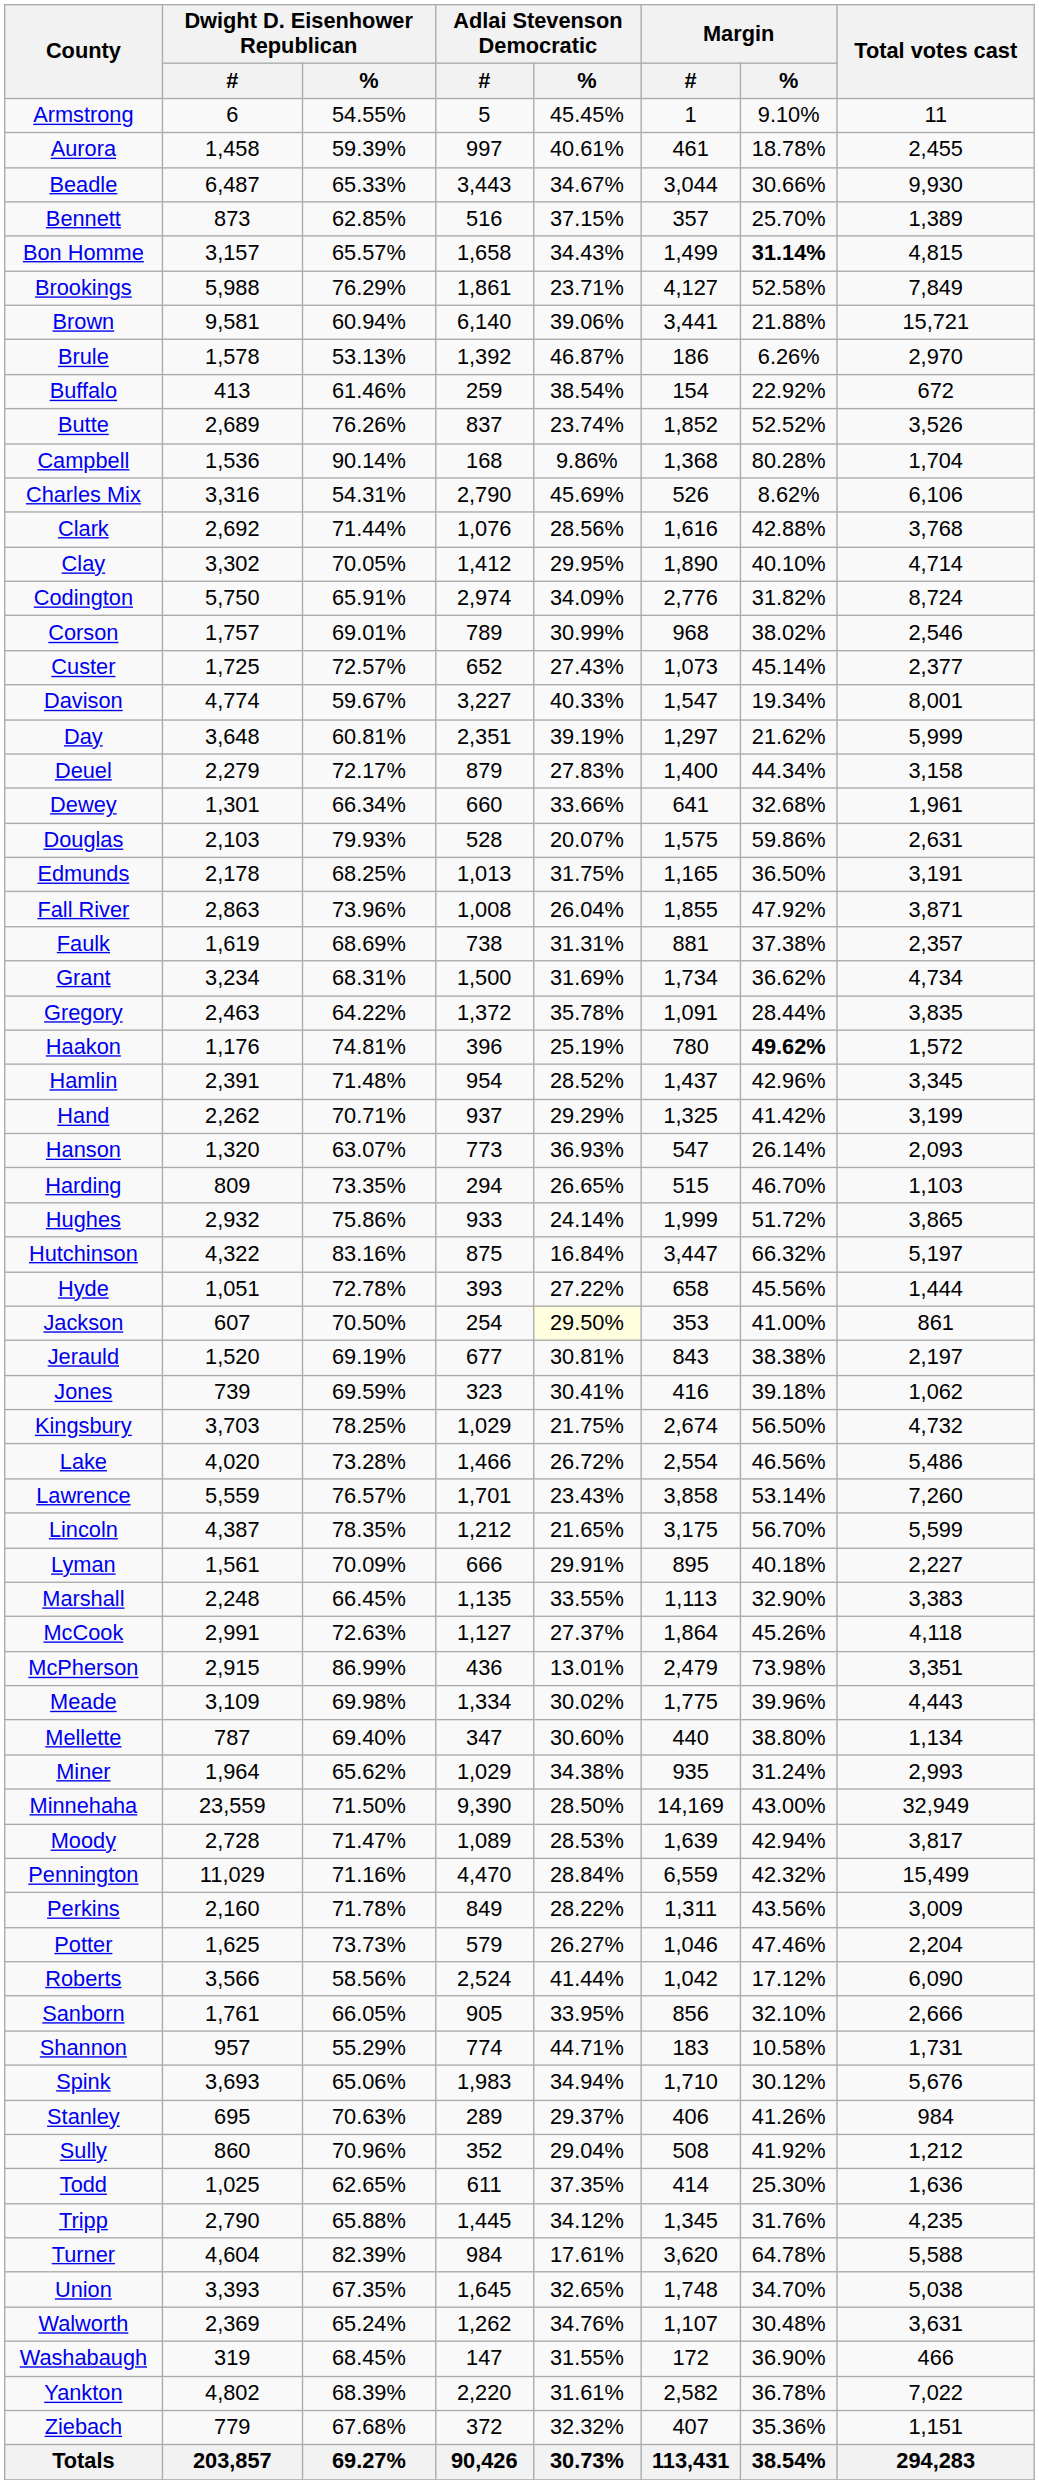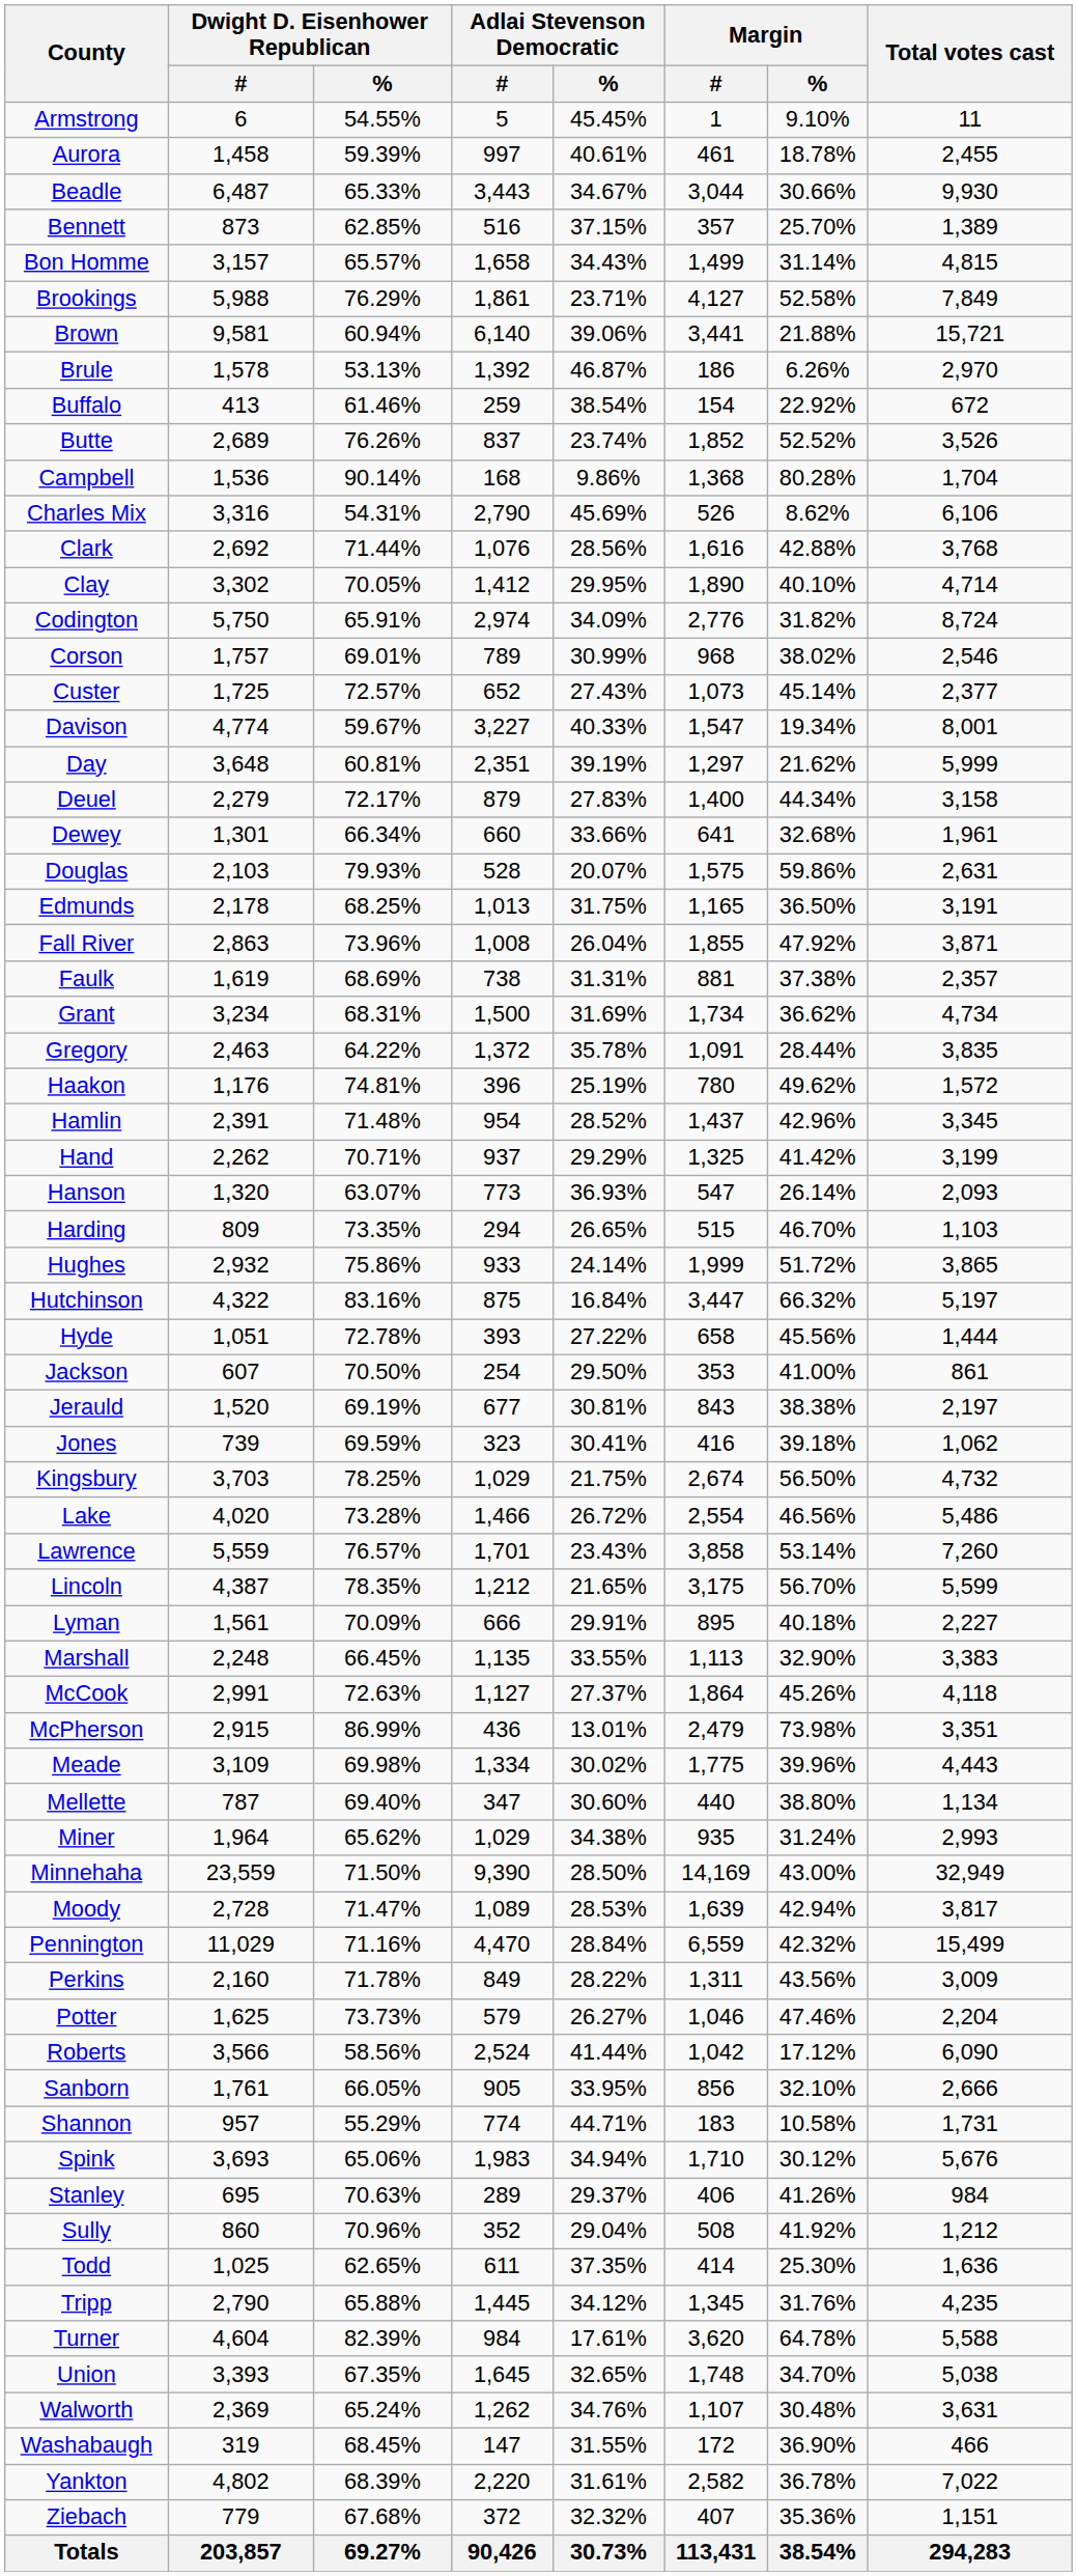 <table class="wikitable sortable" width="60%">
 <tr>
 <th rowspan="2">County</th>
 <th colspan="2">Dwight D. Eisenhower<br>Republican</th>
 <th colspan="2">Adlai Stevenson<br>Democratic</th>
 <th colspan="2">Margin</th>
 <th rowspan="2">Total votes cast</th>
 </tr>
 <tr>
 <th data-sort-type="number">#</th>
 <th data-sort-type="number">%</th>
 <th data-sort-type="number">#</th>
 <th data-sort-type="number">%</th>
 <th data-sort-type="number">#</th>
 <th data-sort-type="number">%</th>
 </tr>
 <tr style="text-align:center;">
 <td><a href='#'>Armstrong</a></td>
 <td>6</td>
 <td>54.55%</td>
 <td>5</td>
 <td>45.45%</td>
 <td>1</td>
 <td>9.10%</td>
 <td>11</td>
 </tr>
 <tr style="text-align:center;">
 <td><a href='#'>Aurora</a></td>
 <td>1,458</td>
 <td>59.39%</td>
 <td>997</td>
 <td>40.61%</td>
 <td>461</td>
 <td>18.78%</td>
 <td>2,455</td>
 </tr>
 <tr style="text-align:center;">
 <td><a href='#'>Beadle</a></td>
 <td>6,487</td>
 <td>65.33%</td>
 <td>3,443</td>
 <td>34.67%</td>
 <td>3,044</td>
 <td>30.66%</td>
 <td>9,930</td>
 </tr>
 <tr style="text-align:center;">
 <td><a href='#'>Bennett</a></td>
 <td>873</td>
 <td>62.85%</td>
 <td>516</td>
 <td>37.15%</td>
 <td>357</td>
 <td>25.70%</td>
 <td>1,389</td>
 </tr>
 <tr style="text-align:center;">
 <td><a href='#'>Bon Homme</a></td>
 <td>3,157</td>
 <td>65.57%</td>
 <td>1,658</td>
 <td>34.43%</td>
 <td>1,499</td>
-<td><strong>31.14%</strong></td>
+<td>31.14%</td>
 <td>4,815</td>
 </tr>
 <tr style="text-align:center;">
 <td><a href='#'>Brookings</a></td>
 <td>5,988</td>
 <td>76.29%</td>
 <td>1,861</td>
 <td>23.71%</td>
 <td>4,127</td>
 <td>52.58%</td>
 <td>7,849</td>
 </tr>
 <tr style="text-align:center;">
 <td><a href='#'>Brown</a></td>
 <td>9,581</td>
 <td>60.94%</td>
 <td>6,140</td>
 <td>39.06%</td>
 <td>3,441</td>
 <td>21.88%</td>
 <td>15,721</td>
 </tr>
 <tr style="text-align:center;">
 <td><a href='#'>Brule</a></td>
 <td>1,578</td>
 <td>53.13%</td>
 <td>1,392</td>
 <td>46.87%</td>
 <td>186</td>
 <td>6.26%</td>
 <td>2,970</td>
 </tr>
 <tr style="text-align:center;">
 <td><a href='#'>Buffalo</a></td>
 <td>413</td>
 <td>61.46%</td>
 <td>259</td>
 <td>38.54%</td>
 <td>154</td>
 <td>22.92%</td>
 <td>672</td>
 </tr>
 <tr style="text-align:center;">
 <td><a href='#'>Butte</a></td>
 <td>2,689</td>
 <td>76.26%</td>
 <td>837</td>
 <td>23.74%</td>
 <td>1,852</td>
 <td>52.52%</td>
 <td>3,526</td>
 </tr>
 <tr style="text-align:center;">
 <td><a href='#'>Campbell</a></td>
 <td>1,536</td>
 <td>90.14%</td>
 <td>168</td>
 <td>9.86%</td>
 <td>1,368</td>
 <td>80.28%</td>
 <td>1,704</td>
 </tr>
 <tr style="text-align:center;">
 <td><a href='#'>Charles Mix</a></td>
 <td>3,316</td>
 <td>54.31%</td>
 <td>2,790</td>
 <td>45.69%</td>
 <td>526</td>
 <td>8.62%</td>
 <td>6,106</td>
 </tr>
 <tr style="text-align:center;">
 <td><a href='#'>Clark</a></td>
 <td>2,692</td>
 <td>71.44%</td>
 <td>1,076</td>
 <td>28.56%</td>
 <td>1,616</td>
 <td>42.88%</td>
 <td>3,768</td>
 </tr>
 <tr style="text-align:center;">
 <td><a href='#'>Clay</a></td>
 <td>3,302</td>
 <td>70.05%</td>
 <td>1,412</td>
 <td>29.95%</td>
 <td>1,890</td>
 <td>40.10%</td>
 <td>4,714</td>
 </tr>
 <tr style="text-align:center;">
 <td><a href='#'>Codington</a></td>
 <td>5,750</td>
 <td>65.91%</td>
 <td>2,974</td>
 <td>34.09%</td>
 <td>2,776</td>
 <td>31.82%</td>
 <td>8,724</td>
 </tr>
 <tr style="text-align:center;">
 <td><a href='#'>Corson</a></td>
 <td>1,757</td>
 <td>69.01%</td>
 <td>789</td>
 <td>30.99%</td>
 <td>968</td>
 <td>38.02%</td>
 <td>2,546</td>
 </tr>
 <tr style="text-align:center;">
 <td><a href='#'>Custer</a></td>
 <td>1,725</td>
 <td>72.57%</td>
 <td>652</td>
 <td>27.43%</td>
 <td>1,073</td>
 <td>45.14%</td>
 <td>2,377</td>
 </tr>
 <tr style="text-align:center;">
 <td><a href='#'>Davison</a></td>
 <td>4,774</td>
 <td>59.67%</td>
 <td>3,227</td>
 <td>40.33%</td>
 <td>1,547</td>
 <td>19.34%</td>
 <td>8,001</td>
 </tr>
 <tr style="text-align:center;">
 <td><a href='#'>Day</a></td>
 <td>3,648</td>
 <td>60.81%</td>
 <td>2,351</td>
 <td>39.19%</td>
 <td>1,297</td>
 <td>21.62%</td>
 <td>5,999</td>
 </tr>
 <tr style="text-align:center;">
 <td><a href='#'>Deuel</a></td>
 <td>2,279</td>
 <td>72.17%</td>
 <td>879</td>
 <td>27.83%</td>
 <td>1,400</td>
 <td>44.34%</td>
 <td>3,158</td>
 </tr>
 <tr style="text-align:center;">
 <td><a href='#'>Dewey</a></td>
 <td>1,301</td>
 <td>66.34%</td>
 <td>660</td>
 <td>33.66%</td>
 <td>641</td>
 <td>32.68%</td>
 <td>1,961</td>
 </tr>
 <tr style="text-align:center;">
 <td><a href='#'>Douglas</a></td>
 <td>2,103</td>
 <td>79.93%</td>
 <td>528</td>
 <td>20.07%</td>
 <td>1,575</td>
 <td>59.86%</td>
 <td>2,631</td>
 </tr>
 <tr style="text-align:center;">
 <td><a href='#'>Edmunds</a></td>
 <td>2,178</td>
 <td>68.25%</td>
 <td>1,013</td>
 <td>31.75%</td>
 <td>1,165</td>
 <td>36.50%</td>
 <td>3,191</td>
 </tr>
 <tr style="text-align:center;">
 <td><a href='#'>Fall River</a></td>
 <td>2,863</td>
 <td>73.96%</td>
 <td>1,008</td>
 <td>26.04%</td>
 <td>1,855</td>
 <td>47.92%</td>
 <td>3,871</td>
 </tr>
 <tr style="text-align:center;">
 <td><a href='#'>Faulk</a></td>
 <td>1,619</td>
 <td>68.69%</td>
 <td>738</td>
 <td>31.31%</td>
 <td>881</td>
 <td>37.38%</td>
 <td>2,357</td>
 </tr>
 <tr style="text-align:center;">
 <td><a href='#'>Grant</a></td>
 <td>3,234</td>
 <td>68.31%</td>
 <td>1,500</td>
 <td>31.69%</td>
 <td>1,734</td>
 <td>36.62%</td>
 <td>4,734</td>
 </tr>
 <tr style="text-align:center;">
 <td><a href='#'>Gregory</a></td>
 <td>2,463</td>
 <td>64.22%</td>
 <td>1,372</td>
 <td>35.78%</td>
 <td>1,091</td>
 <td>28.44%</td>
 <td>3,835</td>
 </tr>
 <tr style="text-align:center;">
 <td><a href='#'>Haakon</a></td>
 <td>1,176</td>
 <td>74.81%</td>
 <td>396</td>
 <td>25.19%</td>
 <td>780</td>
-<td><strong>49.62%</strong></td>
+<td>49.62%</td>
 <td>1,572</td>
 </tr>
 <tr style="text-align:center;">
 <td><a href='#'>Hamlin</a></td>
 <td>2,391</td>
 <td>71.48%</td>
 <td>954</td>
 <td>28.52%</td>
 <td>1,437</td>
 <td>42.96%</td>
 <td>3,345</td>
 </tr>
 <tr style="text-align:center;">
 <td><a href='#'>Hand</a></td>
 <td>2,262</td>
 <td>70.71%</td>
 <td>937</td>
 <td>29.29%</td>
 <td>1,325</td>
 <td>41.42%</td>
 <td>3,199</td>
 </tr>
 <tr style="text-align:center;">
 <td><a href='#'>Hanson</a></td>
 <td>1,320</td>
 <td>63.07%</td>
 <td>773</td>
 <td>36.93%</td>
 <td>547</td>
 <td>26.14%</td>
 <td>2,093</td>
 </tr>
 <tr style="text-align:center;">
 <td><a href='#'>Harding</a></td>
 <td>809</td>
 <td>73.35%</td>
 <td>294</td>
 <td>26.65%</td>
 <td>515</td>
 <td>46.70%</td>
 <td>1,103</td>
 </tr>
 <tr style="text-align:center;">
 <td><a href='#'>Hughes</a></td>
 <td>2,932</td>
 <td>75.86%</td>
 <td>933</td>
 <td>24.14%</td>
 <td>1,999</td>
 <td>51.72%</td>
 <td>3,865</td>
 </tr>
 <tr style="text-align:center;">
 <td><a href='#'>Hutchinson</a></td>
 <td>4,322</td>
 <td>83.16%</td>
 <td>875</td>
 <td>16.84%</td>
 <td>3,447</td>
 <td>66.32%</td>
 <td>5,197</td>
 </tr>
 <tr style="text-align:center;">
 <td><a href='#'>Hyde</a></td>
 <td>1,051</td>
 <td>72.78%</td>
 <td>393</td>
 <td>27.22%</td>
 <td>658</td>
 <td>45.56%</td>
 <td>1,444</td>
 </tr>
 <tr style="text-align:center;">
 <td><a href='#'>Jackson</a></td>
 <td>607</td>
 <td>70.50%</td>
 <td>254</td>
-<td style="background: lightyellow;">29.50%</td>
+<td>29.50%</td>
 <td>353</td>
 <td>41.00%</td>
 <td>861</td>
 </tr>
 <tr style="text-align:center;">
 <td><a href='#'>Jerauld</a></td>
 <td>1,520</td>
 <td>69.19%</td>
 <td>677</td>
 <td>30.81%</td>
 <td>843</td>
 <td>38.38%</td>
 <td>2,197</td>
 </tr>
 <tr style="text-align:center;">
 <td><a href='#'>Jones</a></td>
 <td>739</td>
 <td>69.59%</td>
 <td>323</td>
 <td>30.41%</td>
 <td>416</td>
 <td>39.18%</td>
 <td>1,062</td>
 </tr>
 <tr style="text-align:center;">
 <td><a href='#'>Kingsbury</a></td>
 <td>3,703</td>
 <td>78.25%</td>
 <td>1,029</td>
 <td>21.75%</td>
 <td>2,674</td>
 <td>56.50%</td>
 <td>4,732</td>
 </tr>
 <tr style="text-align:center;">
 <td><a href='#'>Lake</a></td>
 <td>4,020</td>
 <td>73.28%</td>
 <td>1,466</td>
 <td>26.72%</td>
 <td>2,554</td>
 <td>46.56%</td>
 <td>5,486</td>
 </tr>
 <tr style="text-align:center;">
 <td><a href='#'>Lawrence</a></td>
 <td>5,559</td>
 <td>76.57%</td>
 <td>1,701</td>
 <td>23.43%</td>
 <td>3,858</td>
 <td>53.14%</td>
 <td>7,260</td>
 </tr>
 <tr style="text-align:center;">
 <td><a href='#'>Lincoln</a></td>
 <td>4,387</td>
 <td>78.35%</td>
 <td>1,212</td>
 <td>21.65%</td>
 <td>3,175</td>
 <td>56.70%</td>
 <td>5,599</td>
 </tr>
 <tr style="text-align:center;">
 <td><a href='#'>Lyman</a></td>
 <td>1,561</td>
 <td>70.09%</td>
 <td>666</td>
 <td>29.91%</td>
 <td>895</td>
 <td>40.18%</td>
 <td>2,227</td>
 </tr>
 <tr style="text-align:center;">
 <td><a href='#'>Marshall</a></td>
 <td>2,248</td>
 <td>66.45%</td>
 <td>1,135</td>
 <td>33.55%</td>
 <td>1,113</td>
 <td>32.90%</td>
 <td>3,383</td>
 </tr>
 <tr style="text-align:center;">
 <td><a href='#'>McCook</a></td>
 <td>2,991</td>
 <td>72.63%</td>
 <td>1,127</td>
 <td>27.37%</td>
 <td>1,864</td>
 <td>45.26%</td>
 <td>4,118</td>
 </tr>
 <tr style="text-align:center;">
 <td><a href='#'>McPherson</a></td>
 <td>2,915</td>
 <td>86.99%</td>
 <td>436</td>
 <td>13.01%</td>
 <td>2,479</td>
 <td>73.98%</td>
 <td>3,351</td>
 </tr>
 <tr style="text-align:center;">
 <td><a href='#'>Meade</a></td>
 <td>3,109</td>
 <td>69.98%</td>
 <td>1,334</td>
 <td>30.02%</td>
 <td>1,775</td>
 <td>39.96%</td>
 <td>4,443</td>
 </tr>
 <tr style="text-align:center;">
 <td><a href='#'>Mellette</a></td>
 <td>787</td>
 <td>69.40%</td>
 <td>347</td>
 <td>30.60%</td>
 <td>440</td>
 <td>38.80%</td>
 <td>1,134</td>
 </tr>
 <tr style="text-align:center;">
 <td><a href='#'>Miner</a></td>
 <td>1,964</td>
 <td>65.62%</td>
 <td>1,029</td>
 <td>34.38%</td>
 <td>935</td>
 <td>31.24%</td>
 <td>2,993</td>
 </tr>
 <tr style="text-align:center;">
 <td><a href='#'>Minnehaha</a></td>
 <td>23,559</td>
 <td>71.50%</td>
 <td>9,390</td>
 <td>28.50%</td>
 <td>14,169</td>
 <td>43.00%</td>
 <td>32,949</td>
 </tr>
 <tr style="text-align:center;">
 <td><a href='#'>Moody</a></td>
 <td>2,728</td>
 <td>71.47%</td>
 <td>1,089</td>
 <td>28.53%</td>
 <td>1,639</td>
 <td>42.94%</td>
 <td>3,817</td>
 </tr>
 <tr style="text-align:center;">
 <td><a href='#'>Pennington</a></td>
 <td>11,029</td>
 <td>71.16%</td>
 <td>4,470</td>
 <td>28.84%</td>
 <td>6,559</td>
 <td>42.32%</td>
 <td>15,499</td>
 </tr>
 <tr style="text-align:center;">
 <td><a href='#'>Perkins</a></td>
 <td>2,160</td>
 <td>71.78%</td>
 <td>849</td>
 <td>28.22%</td>
 <td>1,311</td>
 <td>43.56%</td>
 <td>3,009</td>
 </tr>
 <tr style="text-align:center;">
 <td><a href='#'>Potter</a></td>
 <td>1,625</td>
 <td>73.73%</td>
 <td>579</td>
 <td>26.27%</td>
 <td>1,046</td>
 <td>47.46%</td>
 <td>2,204</td>
 </tr>
 <tr style="text-align:center;">
 <td><a href='#'>Roberts</a></td>
 <td>3,566</td>
 <td>58.56%</td>
 <td>2,524</td>
 <td>41.44%</td>
 <td>1,042</td>
 <td>17.12%</td>
 <td>6,090</td>
 </tr>
 <tr style="text-align:center;">
 <td><a href='#'>Sanborn</a></td>
 <td>1,761</td>
 <td>66.05%</td>
 <td>905</td>
 <td>33.95%</td>
 <td>856</td>
 <td>32.10%</td>
 <td>2,666</td>
 </tr>
 <tr style="text-align:center;">
 <td><a href='#'>Shannon</a></td>
 <td>957</td>
 <td>55.29%</td>
 <td>774</td>
 <td>44.71%</td>
 <td>183</td>
 <td>10.58%</td>
 <td>1,731</td>
 </tr>
 <tr style="text-align:center;">
 <td><a href='#'>Spink</a></td>
 <td>3,693</td>
 <td>65.06%</td>
 <td>1,983</td>
 <td>34.94%</td>
 <td>1,710</td>
 <td>30.12%</td>
 <td>5,676</td>
 </tr>
 <tr style="text-align:center;">
 <td><a href='#'>Stanley</a></td>
 <td>695</td>
 <td>70.63%</td>
 <td>289</td>
 <td>29.37%</td>
 <td>406</td>
 <td>41.26%</td>
 <td>984</td>
 </tr>
 <tr style="text-align:center;">
 <td><a href='#'>Sully</a></td>
 <td>860</td>
 <td>70.96%</td>
 <td>352</td>
 <td>29.04%</td>
 <td>508</td>
 <td>41.92%</td>
 <td>1,212</td>
 </tr>
 <tr style="text-align:center;">
 <td><a href='#'>Todd</a></td>
 <td>1,025</td>
 <td>62.65%</td>
 <td>611</td>
 <td>37.35%</td>
 <td>414</td>
 <td>25.30%</td>
 <td>1,636</td>
 </tr>
 <tr style="text-align:center;">
 <td><a href='#'>Tripp</a></td>
 <td>2,790</td>
 <td>65.88%</td>
 <td>1,445</td>
 <td>34.12%</td>
 <td>1,345</td>
 <td>31.76%</td>
 <td>4,235</td>
 </tr>
 <tr style="text-align:center;">
 <td><a href='#'>Turner</a></td>
 <td>4,604</td>
 <td>82.39%</td>
 <td>984</td>
 <td>17.61%</td>
 <td>3,620</td>
 <td>64.78%</td>
 <td>5,588</td>
 </tr>
 <tr style="text-align:center;">
 <td><a href='#'>Union</a></td>
 <td>3,393</td>
 <td>67.35%</td>
 <td>1,645</td>
 <td>32.65%</td>
 <td>1,748</td>
 <td>34.70%</td>
 <td>5,038</td>
 </tr>
 <tr style="text-align:center;">
 <td><a href='#'>Walworth</a></td>
 <td>2,369</td>
 <td>65.24%</td>
 <td>1,262</td>
 <td>34.76%</td>
 <td>1,107</td>
 <td>30.48%</td>
 <td>3,631</td>
 </tr>
 <tr style="text-align:center;">
 <td><a href='#'>Washabaugh</a></td>
 <td>319</td>
 <td>68.45%</td>
 <td>147</td>
 <td>31.55%</td>
 <td>172</td>
 <td>36.90%</td>
 <td>466</td>
 </tr>
 <tr style="text-align:center;">
 <td><a href='#'>Yankton</a></td>
 <td>4,802</td>
 <td>68.39%</td>
 <td>2,220</td>
 <td>31.61%</td>
 <td>2,582</td>
 <td>36.78%</td>
 <td>7,022</td>
 </tr>
 <tr style="text-align:center;">
 <td><a href='#'>Ziebach</a></td>
 <td>779</td>
 <td>67.68%</td>
 <td>372</td>
 <td>32.32%</td>
 <td>407</td>
 <td>35.36%</td>
 <td>1,151</td>
 </tr>
 <tr style="text-align:center;">
 <th>Totals</th>
 <th>203,857</th>
 <th>69.27%</th>
 <th>90,426</th>
 <th>30.73%</th>
 <th>113,431</th>
 <th>38.54%</th>
 <th>294,283</th>
 </tr>
 </table>
